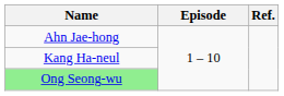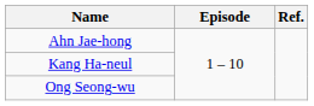 <table class="wikitable" style="text-align:center">
 <tr>
 <th style=width:175px>Name</th>
 <th style=width:100px>Episode</th>
 <th>Ref.</th>
 </tr>
 <tr>
 <td><a href='#'>Ahn Jae-hong</a></td>
 <td rowspan="3">1 – 10</td>
 <td rowspan=3></td>
 </tr>
 <tr>
 <td><a href='#'>Kang Ha-neul</a></td>
 </tr>
 <tr>
-<td style="background: lightgreen;"><a href='#'>Ong Seong-wu</a></td>
+<td><a href='#'>Ong Seong-wu</a></td>
 </tr>
 </table>
